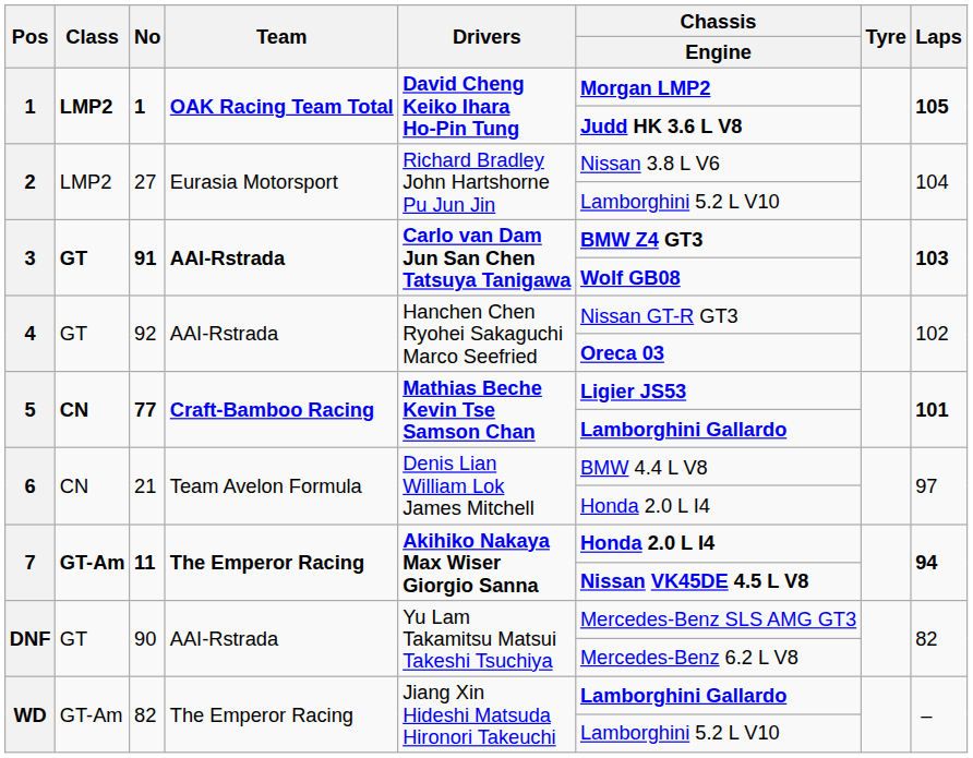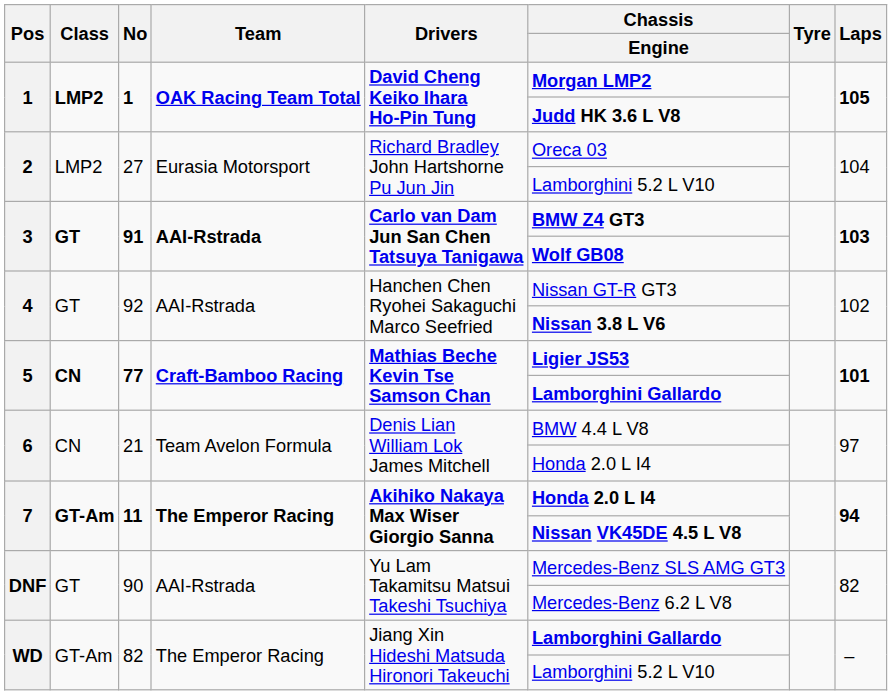 <table class="wikitable" style="font-size: 95%;">
 <tr>
 <th rowspan=2>Pos</th>
 <th rowspan=2>Class</th>
 <th rowspan=2>No</th>
 <th rowspan=2>Team</th>
 <th rowspan=2>Drivers</th>
 <th>Chassis</th>
 <th rowspan=2>Tyre</th>
 <th rowspan=2>Laps</th>
 </tr>
 <tr>
 <th>Engine</th>
 </tr>
 <tr style="font-weight:bold">
 <th rowspan=2>1</th>
 <td rowspan=2>LMP2</td>
 <td rowspan=2>1</td>
 <td rowspan=2> <a href='#'>OAK Racing Team Total</a></td>
 <td rowspan=2> <a href='#'>David Cheng</a><br> <a href='#'>Keiko Ihara</a><br> <a href='#'>Ho-Pin Tung</a></td>
 <td><a href='#'>Morgan LMP2</a></td>
 <td rowspan=2></td>
 <td rowspan=2>105</td>
 </tr>
 <tr style="font-weight:bold">
 <td><a href='#'>Judd</a> HK 3.6 L V8</td>
 </tr>
 <tr>
 <th rowspan=2>2</th>
 <td rowspan=2>LMP2</td>
 <td rowspan=2>27</td>
 <td rowspan=2> Eurasia Motorsport</td>
 <td rowspan=2> <a href='#'>Richard Bradley</a><br> John Hartshorne<br> <a href='#'>Pu Jun Jin</a></td>
-<td><a href='#'>Nissan</a> 3.8 L V6</td>
+<td><a href='#'>Oreca 03</a></td>
 <td rowspan=2></td>
 <td rowspan=2>104</td>
 </tr>
 <tr>
 <td><a href='#'>Lamborghini</a> 5.2 L V10</td>
 </tr>
 <tr style="font-weight:bold">
 <th rowspan=2>3</th>
 <td rowspan=2>GT</td>
 <td rowspan=2>91</td>
 <td rowspan=2> AAI-Rstrada</td>
 <td rowspan=2> <a href='#'>Carlo van Dam</a><br> Jun San Chen<br> <a href='#'>Tatsuya Tanigawa</a></td>
 <td><a href='#'>BMW Z4</a> GT3</td>
 <td rowspan=2></td>
 <td rowspan=2>103</td>
 </tr>
 <tr style="font-weight:bold">
 <td><a href='#'>Wolf GB08</a></td>
 </tr>
 <tr>
 <th rowspan=2>4</th>
 <td rowspan=2>GT</td>
 <td rowspan=2>92</td>
 <td rowspan=2> AAI-Rstrada</td>
 <td rowspan=2> Hanchen Chen<br> Ryohei Sakaguchi<br> Marco Seefried</td>
 <td><a href='#'>Nissan GT-R</a> GT3</td>
 <td rowspan=2></td>
 <td rowspan=2>102</td>
 </tr>
 <tr style="font-weight:bold">
-<td><a href='#'>Oreca 03</a></td>
+<td><a href='#'>Nissan</a> 3.8 L V6</td>
 </tr>
 <tr style="font-weight:bold">
 <th rowspan=2>5</th>
 <td rowspan=2>CN</td>
 <td rowspan=2>77</td>
 <td rowspan=2> <a href='#'>Craft-Bamboo Racing</a></td>
 <td rowspan=2> <a href='#'>Mathias Beche</a><br> <a href='#'>Kevin Tse</a><br> <a href='#'>Samson Chan</a></td>
 <td><a href='#'>Ligier JS53</a></td>
 <td rowspan=2></td>
 <td rowspan=2>101</td>
 </tr>
 <tr style="font-weight:bold">
 <td><a href='#'>Lamborghini Gallardo</a></td>
 </tr>
 <tr>
 <th rowspan=2>6</th>
 <td rowspan=2>CN</td>
 <td rowspan=2>21</td>
 <td rowspan=2> Team Avelon Formula</td>
 <td rowspan=2> <a href='#'>Denis Lian</a><br> <a href='#'>William Lok</a><br> James Mitchell</td>
 <td><a href='#'>BMW</a> 4.4 L V8</td>
 <td rowspan=2></td>
 <td rowspan=2>97</td>
 </tr>
 <tr>
 <td><a href='#'>Honda</a> 2.0 L I4</td>
 </tr>
 <tr style="font-weight:bold">
 <th rowspan=2>7</th>
 <td rowspan=2>GT-Am</td>
 <td rowspan=2>11</td>
 <td rowspan=2> The Emperor Racing</td>
 <td rowspan=2> <a href='#'>Akihiko Nakaya</a><br> Max Wiser<br> Giorgio Sanna</td>
 <td><a href='#'>Honda</a> 2.0 L I4</td>
 <td rowspan=2></td>
 <td rowspan=2>94</td>
 </tr>
 <tr style="font-weight:bold">
 <td><a href='#'>Nissan</a> <a href='#'>VK45DE</a> 4.5 L V8</td>
 </tr>
 <tr>
 <th rowspan=2>DNF</th>
 <td rowspan=2>GT</td>
 <td rowspan=2>90</td>
 <td rowspan=2> AAI-Rstrada</td>
 <td rowspan=2> Yu Lam<br> Takamitsu Matsui<br> <a href='#'>Takeshi Tsuchiya</a></td>
 <td><a href='#'>Mercedes-Benz SLS AMG GT3</a></td>
 <td rowspan=2></td>
 <td rowspan=2>82</td>
 </tr>
 <tr>
 <td><a href='#'>Mercedes-Benz</a> 6.2 L V8</td>
 </tr>
 <tr>
 <th rowspan=2>WD</th>
 <td rowspan=2>GT-Am</td>
 <td rowspan=2>82</td>
 <td rowspan=2> The Emperor Racing</td>
 <td rowspan=2> Jiang Xin<br> <a href='#'>Hideshi Matsuda</a><br> <a href='#'>Hironori Takeuchi</a></td>
 <td><strong><a href='#'>Lamborghini Gallardo</a></strong></td>
 <td rowspan=2></td>
 <td rowspan=2> –</td>
 </tr>
 <tr>
 <td><a href='#'>Lamborghini</a> 5.2 L V10</td>
 </tr>
 </table>
